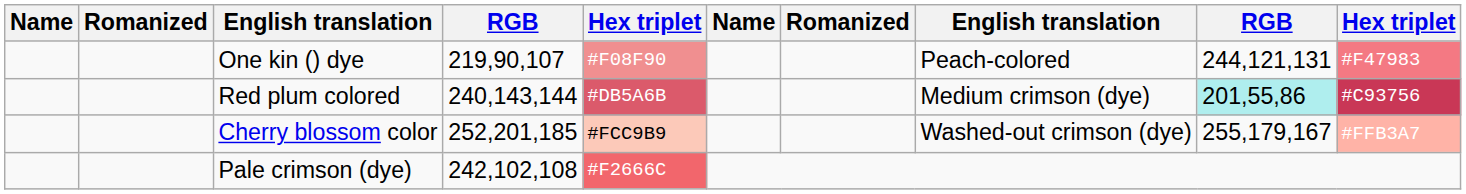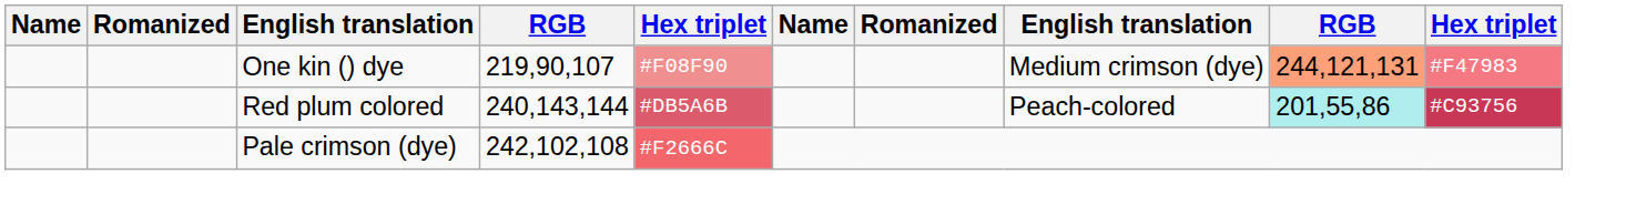 <table class="wikitable">
 <tr>
 <th>Name</th>
 <th>Romanized</th>
 <th>English translation</th>
 <th><a href='#'>RGB</a></th>
 <th><a href='#'>Hex triplet</a></th>
 <th>Name</th>
 <th>Romanized</th>
 <th>English translation</th>
 <th><a href='#'>RGB</a></th>
 <th><a href='#'>Hex triplet</a></th>
 </tr>
 <tr>
 <td></td>
 <td></td>
 <td>One kin () dye</td>
 <td>219,90,107</td>
 <td style="background:#F08F90; color:#ffffff; font-family:monospace;">#F08F90</td>
 <td></td>
 <td></td>
-<td>Peach-colored</td>
-<td>244,121,131</td>
+<td>Medium crimson (dye)</td>
+<td style="background: lightsalmon;">244,121,131</td>
 <td style="background:#F47983; color:#ffffff; font-family:monospace;">#F47983</td>
 </tr>
 <tr>
 <td></td>
 <td></td>
 <td>Red plum colored</td>
 <td>240,143,144</td>
 <td style="background:#DB5A6B; color:#ffffff; font-family:monospace;">#DB5A6B</td>
 <td></td>
 <td></td>
-<td>Medium crimson (dye)</td>
+<td>Peach-colored</td>
 <td style="background: paleturquoise;">201,55,86</td>
 <td style="background:#C93756; color:#ffffff; font-family:monospace;">#C93756</td>
-</tr>
-<tr>
-<td></td>
-<td></td>
-<td><a href='#'>Cherry blossom</a> color</td>
-<td>252,201,185</td>
-<td style="background:#FCC9B9; color:#000000; font-family:monospace;">#FCC9B9</td>
-<td></td>
-<td></td>
-<td>Washed-out crimson (dye)</td>
-<td>255,179,167</td>
-<td style="background:#FFB3A7; color:#ffffff; font-family:monospace;">#FFB3A7</td>
 </tr>
 <tr>
 <td></td>
 <td></td>
 <td>Pale crimson (dye)</td>
 <td>242,102,108</td>
 <td style="background:#F2666C; color:#ffffff; font-family:monospace;">#F2666C</td>
 </tr>
 </table>
